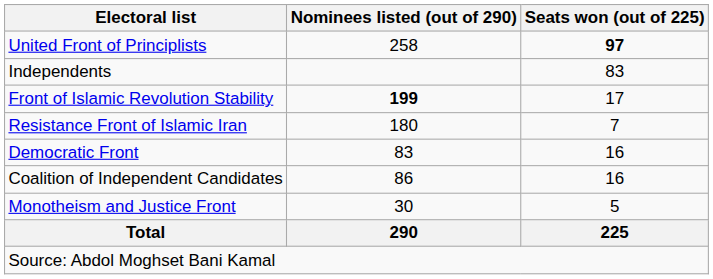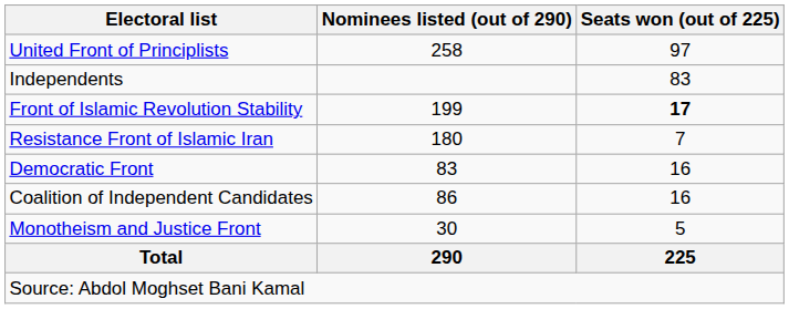 <table class=wikitable style=text-align:center>
 <tr>
 <th>Electoral list</th>
 <th>Nominees listed (out of 290)</th>
 <th>Seats won (out of 225)</th>
 </tr>
 <tr>
 <td align=left><a href='#'>United Front of Principlists</a></td>
 <td>258</td>
-<td><strong>97 </strong></td>
+<td>97 </td>
 </tr>
 <tr>
 <td align=left>Independents </td>
 <td></td>
 <td>83</td>
 </tr>
 <tr>
 <td align=left><a href='#'>Front of Islamic Revolution Stability</a></td>
-<td><strong>199</strong></td>
-<td>17</td>
+<td>199</td>
+<td><strong>17</strong></td>
 </tr>
 <tr>
 <td align=left><a href='#'>Resistance Front of Islamic Iran</a></td>
 <td>180</td>
 <td>7</td>
 </tr>
 <tr>
 <td align=left><a href='#'>Democratic Front</a></td>
 <td>83</td>
 <td>16</td>
 </tr>
 <tr>
 <td align=left>Coalition of Independent Candidates</td>
 <td>86</td>
 <td>16</td>
 </tr>
 <tr>
 <td align=left><a href='#'>Monotheism and Justice Front</a></td>
 <td>30</td>
 <td>5</td>
 </tr>
 <tr>
 <th align=left>Total</th>
 <th>290</th>
 <th>225</th>
 </tr>
 <tr>
 <td colspan=4 align=left>Source: Abdol Moghset Bani Kamal</td>
 </tr>
 </table>
